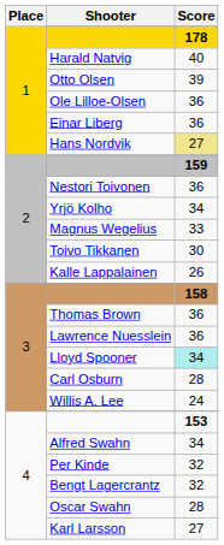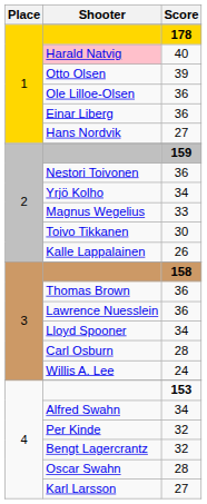 <table class=wikitable style="text-align:center">
 <tr>
 <th>Place</th>
 <th>Shooter</th>
 <th>Score</th>
 </tr>
 <tr>
 <td rowspan=7 align=center bgcolor=gold>1</td>
 </tr>
 <tr>
 <td align=left bgcolor=gold></td>
 <td bgcolor=gold><strong>178</strong></td>
 </tr>
 <tr>
-<td align=left><a href='#'>Harald Natvig</a></td>
+<td align=left style="background: pink;"><a href='#'>Harald Natvig</a></td>
 <td>40</td>
 </tr>
 <tr>
 <td align=left><a href='#'>Otto Olsen</a></td>
 <td>39</td>
 </tr>
 <tr>
 <td align=left><a href='#'>Ole Lilloe-Olsen</a></td>
 <td>36</td>
 </tr>
 <tr>
 <td align=left><a href='#'>Einar Liberg</a></td>
 <td>36</td>
 </tr>
 <tr>
 <td align=left><a href='#'>Hans Nordvik</a></td>
-<td style="background: khaki;">27</td>
+<td>27</td>
 </tr>
 <tr>
 <td rowspan=7 align=center bgcolor=silver>2</td>
 </tr>
 <tr>
 <td align=left bgcolor=silver></td>
 <td bgcolor=silver><strong>159</strong></td>
 </tr>
 <tr>
 <td align=left><a href='#'>Nestori Toivonen</a></td>
 <td>36</td>
 </tr>
 <tr>
 <td align=left><a href='#'>Yrjö Kolho</a></td>
 <td>34</td>
 </tr>
 <tr>
 <td align=left><a href='#'>Magnus Wegelius</a></td>
 <td>33</td>
 </tr>
 <tr>
 <td align=left><a href='#'>Toivo Tikkanen</a></td>
 <td>30</td>
 </tr>
 <tr>
 <td align=left><a href='#'>Kalle Lappalainen</a></td>
 <td>26</td>
 </tr>
 <tr>
 <td rowspan=7 align=center bgcolor=cc9966>3</td>
 </tr>
 <tr>
 <td align=left bgcolor=cc9966></td>
 <td bgcolor=cc9966><strong>158</strong></td>
 </tr>
 <tr>
 <td align=left><a href='#'>Thomas Brown</a></td>
 <td>36</td>
 </tr>
 <tr>
 <td align=left><a href='#'>Lawrence Nuesslein</a></td>
 <td>36</td>
 </tr>
 <tr>
 <td align=left><a href='#'>Lloyd Spooner</a></td>
-<td style="background: paleturquoise;">34</td>
+<td>34</td>
 </tr>
 <tr>
 <td align=left><a href='#'>Carl Osburn</a></td>
 <td>28</td>
 </tr>
 <tr>
 <td align=left><a href='#'>Willis A. Lee</a></td>
 <td>24</td>
 </tr>
 <tr>
 <td rowspan=7>4</td>
 </tr>
 <tr>
 <td align=left></td>
 <td><strong>153</strong></td>
 </tr>
 <tr>
 <td align=left><a href='#'>Alfred Swahn</a></td>
 <td>34</td>
 </tr>
 <tr>
 <td align=left><a href='#'>Per Kinde</a></td>
 <td>32</td>
 </tr>
 <tr>
 <td align=left><a href='#'>Bengt Lagercrantz</a></td>
 <td>32</td>
 </tr>
 <tr>
 <td align=left><a href='#'>Oscar Swahn</a></td>
 <td>28</td>
 </tr>
 <tr>
 <td align=left><a href='#'>Karl Larsson</a></td>
 <td>27</td>
 </tr>
 </table>
